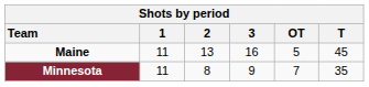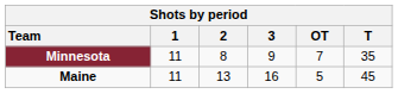 <table class="wikitable" style="width:30em; text-align:right;">
 <tr>
 <th colspan=6>Shots by period</th>
 </tr>
 <tr>
 <th style="width:10em; text-align:left;">Team</th>
 <th style="width:3em;">1</th>
 <th style="width:3em;">2</th>
 <th style="width:3em;">3</th>
 <th style="width:3em;">OT</th>
 <th style="width:3em;">T</th>
 </tr>
 <tr>
+<td align=center style="color:white; background:#862334; "><strong>Minnesota</strong></td>
+<td align=center>11</td>
+<td align=center>8</td>
+<td align=center>9</td>
+<td align=center>7</td>
+<td align=center>35</td>
+</tr>
+<tr>
 <td align=center><strong>Maine</strong></td>
 <td align=center>11</td>
 <td align=center>13</td>
 <td align=center>16</td>
 <td align=center>5</td>
 <td align=center>45</td>
 </tr>
-<tr>
-<td align=center style="color:white; background:#862334; "><strong>Minnesota</strong></td>
-<td align=center>11</td>
-<td align=center>8</td>
-<td align=center>9</td>
-<td align=center>7</td>
-<td align=center>35</td>
-</tr>
 </table>
